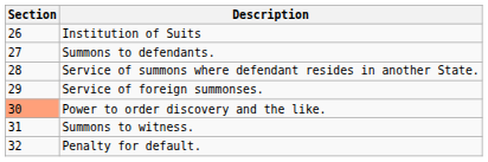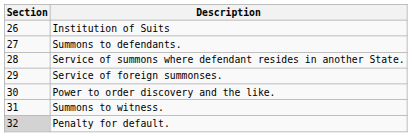 <table class="wikitable">
 <tr>
 <th>Section</th>
 <th>Description</th>
 </tr>
 <tr>
 <td>26</td>
 <td>Institution of Suits</td>
 </tr>
 <tr>
 <td>27</td>
 <td>Summons to defendants.</td>
 </tr>
 <tr>
 <td>28</td>
 <td>Service of summons where defendant resides in another State.</td>
 </tr>
 <tr>
 <td>29</td>
 <td>Service of foreign summonses.</td>
 </tr>
 <tr>
-<td style="background: lightsalmon;">30</td>
+<td>30</td>
 <td>Power to order discovery and the like.</td>
 </tr>
 <tr>
 <td>31</td>
 <td>Summons to witness.</td>
 </tr>
 <tr>
-<td>32</td>
+<td style="background: lightgrey;">32</td>
 <td>Penalty for default.</td>
 </tr>
 </table>
